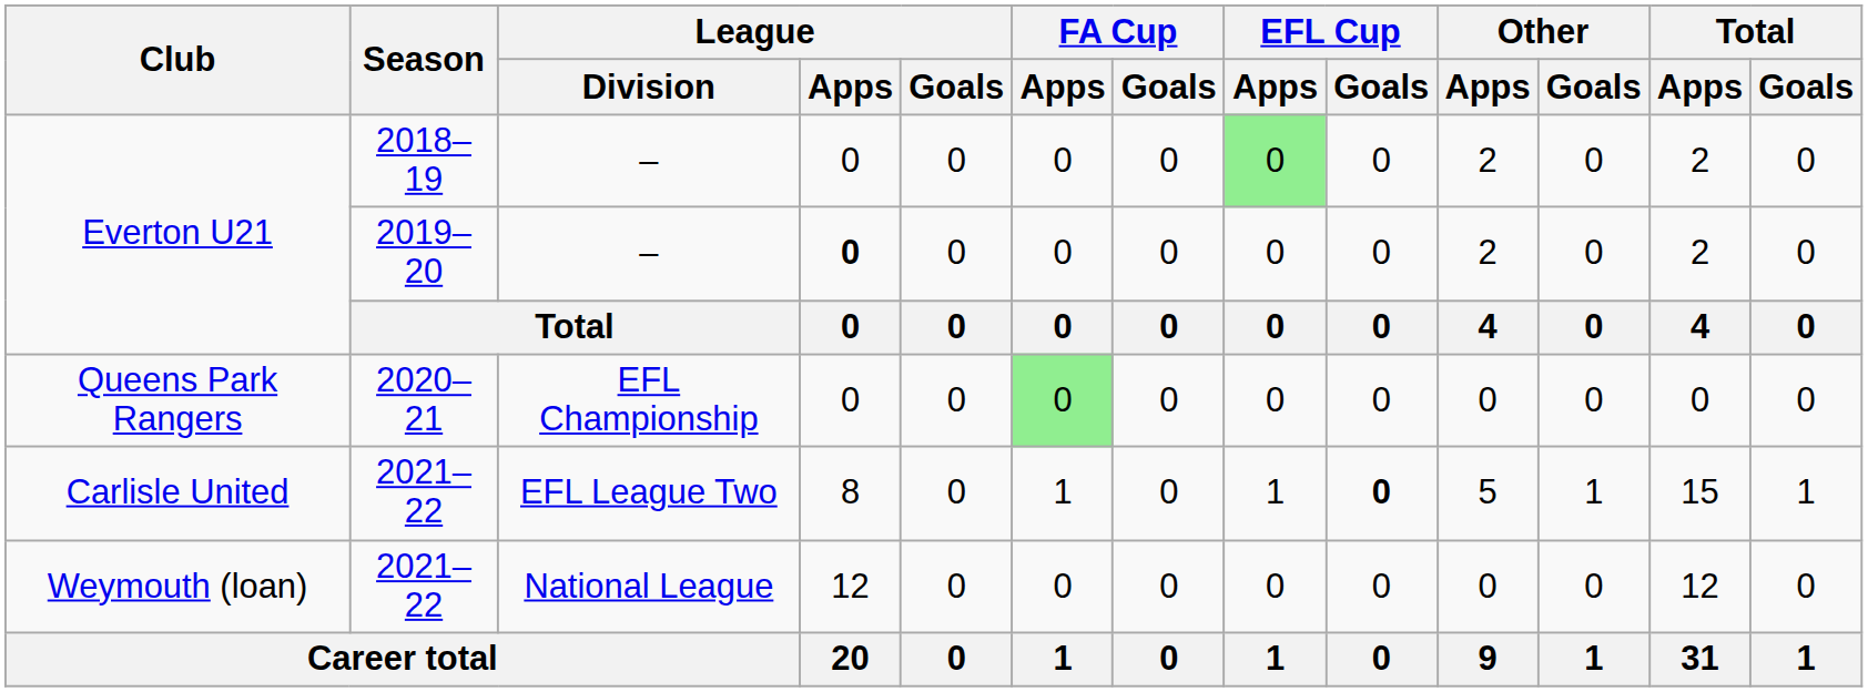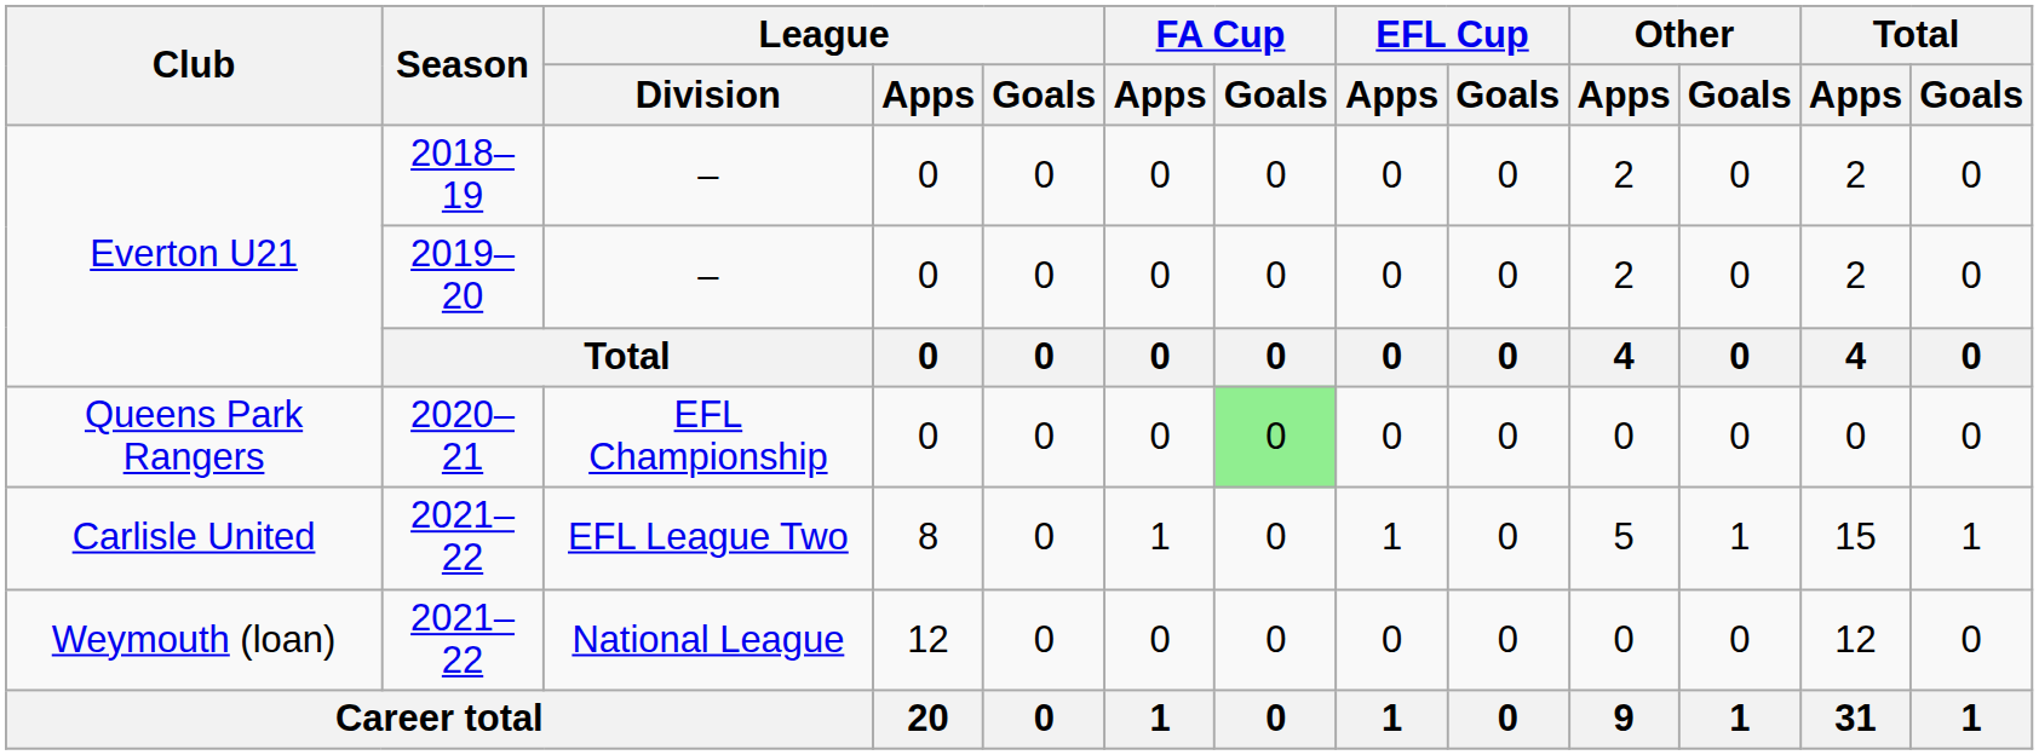 <table class="wikitable" style="text-align:center;">
 <tr>
 <th rowspan="2">Club</th>
 <th rowspan="2">Season</th>
 <th colspan="3">League</th>
 <th colspan="2"><a href='#'>FA Cup</a></th>
 <th colspan="2"><a href='#'>EFL Cup</a></th>
 <th colspan="2">Other</th>
 <th colspan="2">Total</th>
 </tr>
 <tr>
 <th>Division</th>
 <th>Apps</th>
 <th>Goals</th>
 <th>Apps</th>
 <th>Goals</th>
 <th>Apps</th>
 <th>Goals</th>
 <th>Apps</th>
 <th>Goals</th>
 <th>Apps</th>
 <th>Goals</th>
 </tr>
 <tr>
 <td rowspan="3"><a href='#'>Everton U21</a></td>
 <td><a href='#'>2018–19</a></td>
 <td>–</td>
 <td>0</td>
 <td>0</td>
 <td>0</td>
 <td>0</td>
-<td style="background: lightgreen;">0</td>
+<td>0</td>
 <td>0</td>
 <td>2</td>
 <td>0</td>
 <td>2</td>
 <td>0</td>
 </tr>
 <tr>
 <td><a href='#'>2019–20</a></td>
 <td>–</td>
-<td><strong>0</strong></td>
+<td>0</td>
 <td>0</td>
 <td>0</td>
 <td>0</td>
 <td>0</td>
 <td>0</td>
 <td>2</td>
 <td>0</td>
 <td>2</td>
 <td>0</td>
 </tr>
 <tr>
 <th colspan="2">Total</th>
 <th>0</th>
 <th>0</th>
 <th>0</th>
 <th>0</th>
 <th>0</th>
 <th>0</th>
 <th>4</th>
 <th>0</th>
 <th>4</th>
 <th>0</th>
 </tr>
 <tr>
 <td><a href='#'>Queens Park Rangers</a></td>
 <td><a href='#'>2020–21</a></td>
 <td><a href='#'>EFL Championship</a></td>
 <td>0</td>
 <td>0</td>
+<td>0</td>
 <td style="background: lightgreen;">0</td>
-<td>0</td>
 <td>0</td>
 <td>0</td>
 <td>0</td>
 <td>0</td>
 <td>0</td>
 <td>0</td>
 </tr>
 <tr>
 <td><a href='#'>Carlisle United</a></td>
 <td><a href='#'>2021–22</a></td>
 <td><a href='#'>EFL League Two</a></td>
 <td>8</td>
 <td>0</td>
 <td>1</td>
 <td>0</td>
 <td>1</td>
-<td><strong>0</strong></td>
+<td>0</td>
 <td>5</td>
 <td>1</td>
 <td>15</td>
 <td>1</td>
 </tr>
 <tr>
 <td><a href='#'>Weymouth</a> (loan)</td>
 <td><a href='#'>2021–22</a></td>
 <td><a href='#'>National League</a></td>
 <td>12</td>
 <td>0</td>
 <td>0</td>
 <td>0</td>
 <td>0</td>
 <td>0</td>
 <td>0</td>
 <td>0</td>
 <td>12</td>
 <td>0</td>
 </tr>
 <tr>
 <th colspan="3">Career total</th>
 <th>20</th>
 <th>0</th>
 <th>1</th>
 <th>0</th>
 <th>1</th>
 <th>0</th>
 <th>9</th>
 <th>1</th>
 <th>31</th>
 <th>1</th>
 </tr>
 </table>
